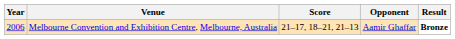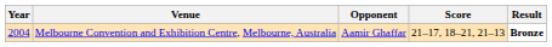 <table class="sortable wikitable" style="font-size: 90%;">
 <tr>
 <th>Year</th>
 <th>Venue</th>
+<th>Opponent</th>
 <th>Score</th>
-<th>Opponent</th>
 <th>Result</th>
 </tr>
 <tr style="background:#FFE4B5">
-<td align="center"><a href='#'>2006</a></td>
+<td align="center"><a href='#'>2004</a></td>
 <td align="left"><a href='#'>Melbourne Convention and Exhibition Centre</a>, <a href='#'>Melbourne, Australia</a></td>
+<td align="left"> <a href='#'>Aamir Ghaffar</a></td>
 <td align="left">21–17, 18–21, 21–13</td>
-<td align="left"> <a href='#'>Aamir Ghaffar</a></td>
 <td style="text-align:left; background:white"> <strong>Bronze</strong></td>
 </tr>
 </table>
